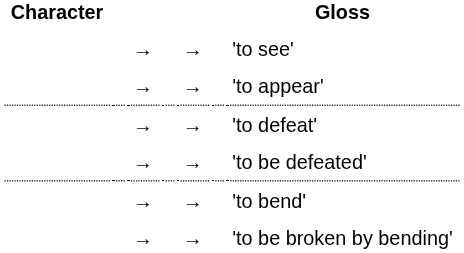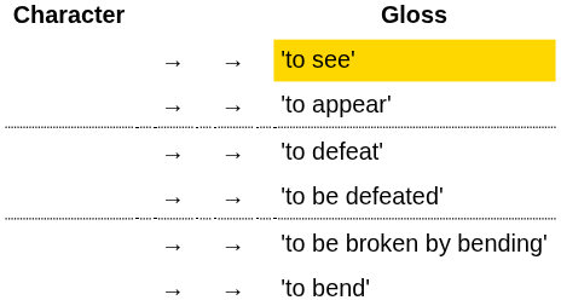 <table cellpadding="5%">
 <tr>
 <th scope="col">Character</th>
 <th scope="col"></th>
 <th></th>
 <th scope="col"></th>
 <th></th>
 <th scope="col"></th>
 <th>Gloss</th>
 </tr>
 <tr>
 <td scope="row" style="border-bottom:1px dotted" rowspan="2"></td>
 <td></td>
 <td>→</td>
 <td></td>
 <td>→</td>
 <td></td>
-<td>'to see'</td>
+<td style="background: gold;">'to see'</td>
 </tr>
 <tr>
 <td style="border-bottom:1px dotted"></td>
 <td style="border-bottom:1px dotted">→</td>
 <td style="border-bottom:1px dotted"></td>
 <td style="border-bottom:1px dotted">→</td>
 <td style="border-bottom:1px dotted"></td>
 <td style="border-bottom:1px dotted">'to appear'</td>
 </tr>
 <tr>
 <td scope="row" style="border-bottom:1px dotted" rowspan="2"></td>
 <td></td>
 <td>→</td>
 <td></td>
 <td>→</td>
 <td style="border-bottom:1px dotted" rowspan="2"></td>
 <td>'to defeat'</td>
 </tr>
 <tr>
 <td style="border-bottom:1px dotted"></td>
 <td style="border-bottom:1px dotted">→</td>
 <td style="border-bottom:1px dotted"></td>
 <td style="border-bottom:1px dotted">→</td>
 <td style="border-bottom:1px dotted">'to be defeated'</td>
 </tr>
 <tr>
 <td scope="row" rowspan="2"></td>
 <td></td>
 <td>→</td>
 <td></td>
 <td>→</td>
 <td></td>
-<td>'to bend'</td>
+<td>'to be broken by bending'</td>
 </tr>
 <tr>
 <td></td>
 <td>→</td>
 <td></td>
 <td>→</td>
 <td></td>
-<td>'to be broken by bending'</td>
+<td>'to bend'</td>
 </tr>
 </table>
